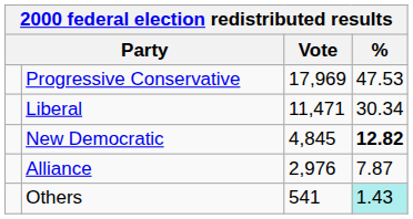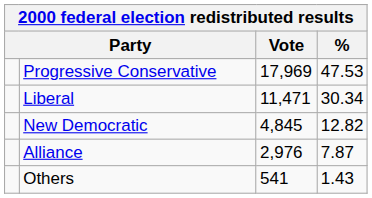 <table class="wikitable">
 <tr>
 <th colspan="4"><a href='#'>2000 federal election</a> redistributed results</th>
 </tr>
 <tr>
 <th width="230" bgcolor="#ddddff" colspan="2">Party</th>
 <th width="50" bgcolor="#ddddff">Vote</th>
 <th width="30" bgcolor="#ddddff">%</th>
 </tr>
 <tr>
 <td> </td>
 <td><a href='#'>Progressive Conservative</a></td>
 <td>17,969</td>
 <td>47.53</td>
 </tr>
 <tr>
 <td> </td>
 <td><a href='#'>Liberal</a></td>
 <td>11,471</td>
 <td>30.34</td>
 </tr>
 <tr>
 <td> </td>
 <td><a href='#'>New Democratic</a></td>
 <td>4,845</td>
-<td><strong>12.82</strong></td>
+<td>12.82</td>
 </tr>
 <tr>
 <td> </td>
 <td><a href='#'>Alliance</a></td>
 <td>2,976</td>
 <td>7.87</td>
 </tr>
 <tr>
 <td> </td>
 <td>Others</td>
 <td>541</td>
-<td style="background: paleturquoise;">1.43</td>
+<td>1.43</td>
 </tr>
 </table>
